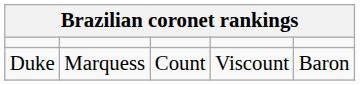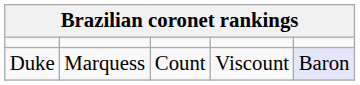 <table class="wikitable" style="margin:1em auto;">
 <tr>
 <th colspan=5>Brazilian coronet rankings</th>
 </tr>
 <tr>
 <td align=center></td>
 <td align=center></td>
 <td align=center></td>
 <td align=center></td>
 <td align=center></td>
 </tr>
 <tr>
 <td align=center>Duke</td>
 <td align=center>Marquess</td>
 <td align=center>Count</td>
 <td align=center>Viscount</td>
-<td align=center>Baron</td>
+<td align=center style="background: lavender;">Baron</td>
 </tr>
 </table>
